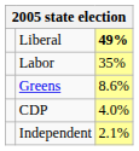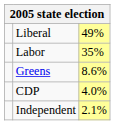 <table class="wikitable">
 <tr>
 <th colspan = 3>2005 state election</th>
 </tr>
 <tr>
 <td> </td>
 <td>Liberal</td>
-<td bgcolor="FFFF99"><strong>49%</strong></td>
+<td bgcolor="FFFF99">49%</td>
 </tr>
 <tr>
 <td> </td>
 <td>Labor</td>
 <td bgcolor="FFFF99">35%</td>
 </tr>
 <tr>
 <td> </td>
 <td><a href='#'>Greens</a></td>
 <td bgcolor="FFFF99">8.6%</td>
 </tr>
 <tr>
 <td> </td>
 <td>CDP</td>
 <td bgcolor="FFFF99">4.0%</td>
 </tr>
 <tr>
 <td> </td>
 <td>Independent</td>
 <td bgcolor="FFFF99">2.1%</td>
 </tr>
 </table>
